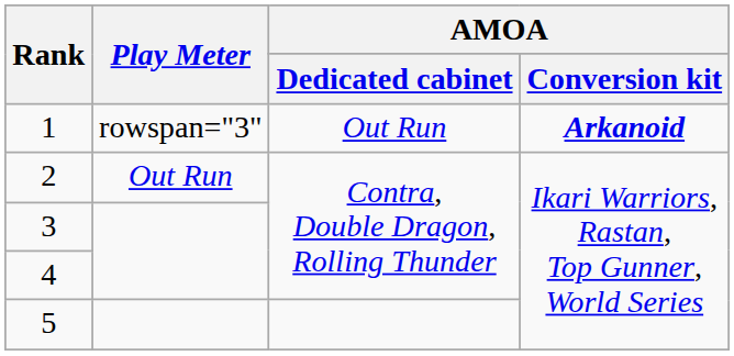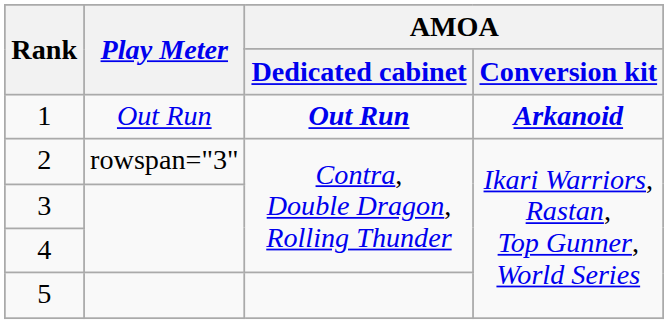 <table class="wikitable sortable" style="text-align:center">
 <tr>
 <th rowspan="2">Rank</th>
 <th rowspan="2"><em><a href='#'>Play Meter</a></em></th>
 <th colspan="2">AMOA</th>
 </tr>
 <tr>
 <th><a href='#'>Dedicated cabinet</a></th>
 <th><a href='#'>Conversion kit</a></th>
 </tr>
 <tr>
 <td>1</td>
-<td>rowspan="3" </td>
 <td><em><a href='#'>Out Run</a></em></td>
+<td><strong><em><a href='#'>Out Run</a></em></strong></td>
 <td><strong><em><a href='#'>Arkanoid</a></em></strong></td>
 </tr>
 <tr>
 <td>2</td>
-<td><em><a href='#'>Out Run</a></em></td>
+<td>rowspan="3" </td>
 <td rowspan="3"><em><a href='#'>Contra</a></em>, <br> <em><a href='#'>Double Dragon</a></em>, <br> <em><a href='#'>Rolling Thunder</a></em></td>
 <td rowspan="4"><em><a href='#'>Ikari Warriors</a></em>, <br> <em><a href='#'>Rastan</a></em>, <br> <em><a href='#'>Top Gunner</a></em>, <br> <em><a href='#'>World Series</a></em></td>
 </tr>
 <tr>
 <td>3</td>
 </tr>
 <tr>
 <td>4</td>
 </tr>
 <tr>
 <td>5</td>
 <td></td>
 <td></td>
 </tr>
 </table>
